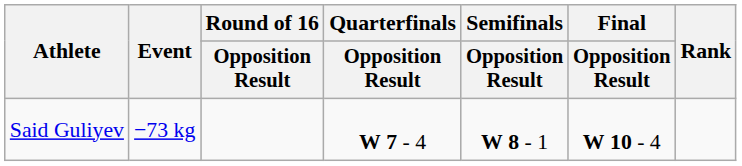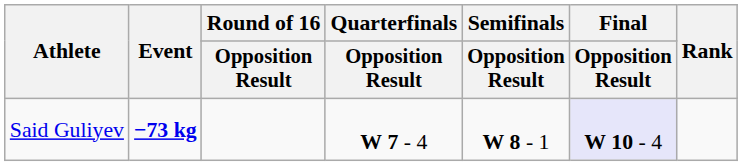 <table class="wikitable" style="font-size:90%;">
 <tr>
 <th rowspan=2>Athlete</th>
 <th rowspan=2>Event</th>
 <th>Round of 16</th>
 <th>Quarterfinals</th>
 <th>Semifinals</th>
 <th>Final</th>
 <th rowspan=2>Rank</th>
 </tr>
 <tr style="font-size:95%">
 <th>Opposition<br>Result</th>
 <th>Opposition<br>Result</th>
 <th>Opposition<br>Result</th>
 <th>Opposition<br>Result</th>
 </tr>
 <tr align=center>
 <td align=left><a href='#'>Said Guliyev</a></td>
-<td align=left><a href='#'>−73 kg</a></td>
+<td align=left><strong><a href='#'>−73 kg</a></strong></td>
 <td></td>
 <td><br><strong>W</strong> <strong>7</strong> - 4</td>
 <td><br><strong>W</strong> <strong>8</strong> - 1</td>
-<td><br><strong>W</strong> <strong>10</strong> - 4</td>
+<td style="background: lavender;"><br><strong>W</strong> <strong>10</strong> - 4</td>
 <td></td>
 </tr>
 </table>
